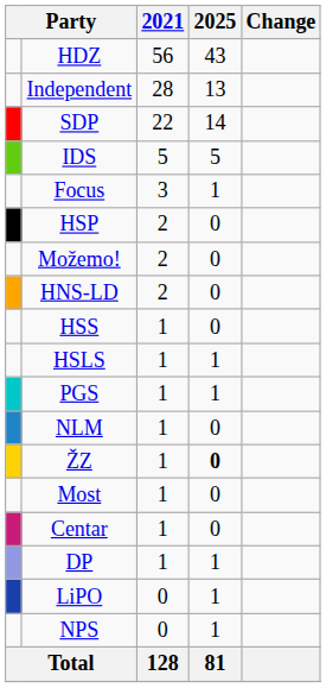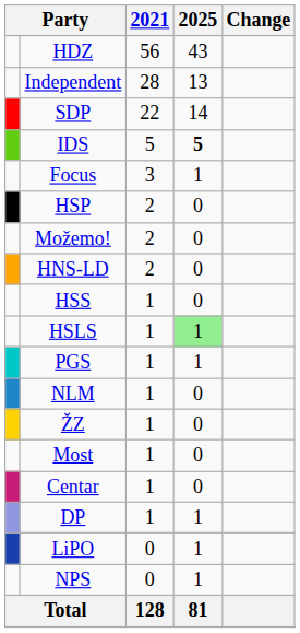 <table class="wikitable sortable">
 <tr>
 <th class="sortable" colspan=2>Party</th>
 <th class="sortable"><a href='#'>2021</a></th>
 <th class="sortable">2025</th>
 <th class="sortable">Change</th>
 </tr>
 <tr>
 <td width=5px style="background-color:"></td>
 <td align=center><a href='#'>HDZ</a></td>
 <td align=center>56</td>
 <td align=center>43</td>
 <td align=center></td>
 </tr>
 <tr>
 <td width=5px style="background-color:"></td>
 <td align=center><a href='#'>Independent</a></td>
 <td align=center>28</td>
 <td align=center>13</td>
 <td align=center></td>
 </tr>
 <tr>
 <td width=5px style="background-color:red"></td>
 <td align=center><a href='#'>SDP</a></td>
 <td align=center>22</td>
 <td align=center>14</td>
 <td align=center></td>
 </tr>
 <tr>
 <td width=5px style="background-color:#61cd10"></td>
 <td align=center><a href='#'>IDS</a></td>
 <td align=center>5</td>
-<td align=center>5</td>
+<td align=center><strong>5</strong></td>
 <td align=center></td>
 </tr>
 <tr>
 <td width="5px" style="background-color:"></td>
 <td align="center"><a href='#'>Focus</a></td>
 <td align="center">3</td>
 <td align="center">1</td>
 <td align="center"></td>
 </tr>
 <tr>
 <td width="5px" style="background-color:black"></td>
 <td align="center"><a href='#'>HSP</a></td>
 <td align="center">2</td>
 <td align="center">0</td>
 <td align="center"></td>
 </tr>
 <tr>
 <td width="5px" style="background-color:"></td>
 <td align="center"><a href='#'>Možemo!</a></td>
 <td align="center">2</td>
 <td align="center">0</td>
 <td align="center"></td>
 </tr>
 <tr>
 <td width=5px style="background-color:orange"></td>
 <td align=center><a href='#'>HNS-LD</a></td>
 <td align=center>2</td>
 <td align=center>0</td>
 <td align=center></td>
 </tr>
 <tr>
 <td width=5px style="background-color:"></td>
 <td align=center><a href='#'>HSS</a></td>
 <td align=center>1</td>
 <td align=center>0</td>
 <td align=center></td>
 </tr>
 <tr>
 <td width=5px style="background-color:"></td>
 <td align=center><a href='#'>HSLS</a></td>
 <td align=center>1</td>
-<td align=center>1</td>
+<td align=center style="background: lightgreen;">1</td>
 <td align=center></td>
 </tr>
 <tr>
 <td width=5px style="background-color:#00c8c8"></td>
 <td align=center><a href='#'>PGS</a></td>
 <td align=center>1</td>
 <td align=center>1</td>
 <td align=center></td>
 </tr>
 <tr>
 <td width="5px" style="background-color:#2085c7"></td>
 <td align="center"><a href='#'>NLM</a></td>
 <td align="center">1</td>
 <td align="center">0</td>
 <td align="center"></td>
 </tr>
 <tr>
 <td width="5px" style="background-color:#ffd204"></td>
 <td align="center"><a href='#'>ŽZ</a></td>
 <td align="center">1</td>
-<td align="center"><strong>0</strong></td>
+<td align="center">0</td>
 <td align="center"></td>
 </tr>
 <tr>
 <td width="5px" style="background-color:"></td>
 <td align="center"><a href='#'>Most</a></td>
 <td align="center">1</td>
 <td align="center">0</td>
 <td align="center"></td>
 </tr>
 <tr>
 <td width="5px" style="background-color:#C81B77"></td>
 <td align="center"><a href='#'>Centar</a></td>
 <td align="center">1</td>
 <td align="center">0</td>
 <td align="center"></td>
 </tr>
 <tr>
 <td width="5px" style="background-color:#9297e1"></td>
 <td align="center"><a href='#'>DP</a></td>
 <td align="center">1</td>
 <td align="center">1</td>
 <td align="center"></td>
 </tr>
 <tr>
 <td width="5px" style="background-color:#193fac"></td>
 <td align="center"><a href='#'>LiPO</a></td>
 <td align="center">0</td>
 <td align="center">1</td>
 <td align="center"></td>
 </tr>
 <tr>
 <td width="5px" style="background-color:"></td>
 <td align="center"><a href='#'>NPS</a></td>
 <td align="center">0</td>
 <td align="center">1</td>
 <td align="center"></td>
 </tr>
 <tr>
 <th class="sortable" colspan=2>Total</th>
 <th class="sortable">128</th>
 <th class="sortable">81</th>
 <th class="sortable"></th>
 </tr>
 <tr>
 </tr>
 </table>
